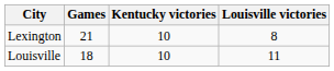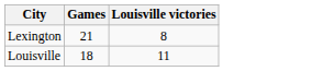 <table class="wikitable sortable">
 <tr>
 <th>City</th>
 <th>Games</th>
-<th>Kentucky victories</th>
 <th>Louisville victories</th>
 </tr>
 <tr>
 <td>Lexington</td>
 <td style="text-align:center;">21</td>
-<td style="text-align:center;">10</td>
 <td style="text-align:center;">8</td>
 </tr>
 <tr>
 <td>Louisville</td>
 <td style="text-align:center;">18</td>
-<td style="text-align:center;">10</td>
 <td style="text-align:center;">11</td>
 </tr>
 </table>
